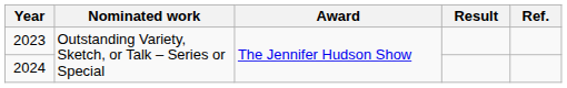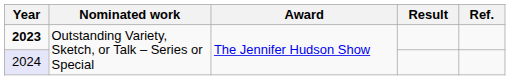 <table class="wikitable" style="width:70%;">
 <tr>
 <th style="width:3%;">Year</th>
 <th style="width:20%;">Nominated work</th>
 <th style="width:23%;">Award</th>
 <th style="width:5%;">Result</th>
 <th style="width:5%;">Ref.</th>
 </tr>
 <tr>
-<td align="center">2023</td>
+<td align="center"><strong>2023</strong></td>
 <td rowspan="2">Outstanding Variety, Sketch, or Talk – Series or Special</td>
 <td rowspan="2"><a href='#'>The Jennifer Hudson Show</a></td>
 <td></td>
 <td align="center"></td>
 </tr>
 <tr>
-<td align="center">2024</td>
+<td align="center" style="background: lavender;">2024</td>
 <td></td>
 <td align="center"></td>
 </tr>
 </table>
